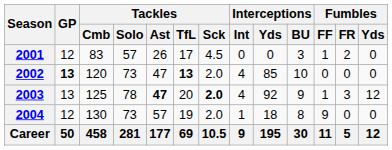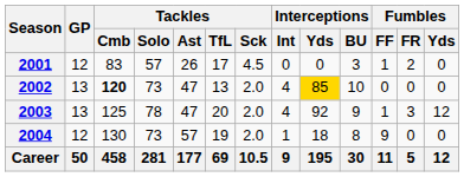 <table class="wikitable" style="text-align:center;">
 <tr>
 <th rowspan="2">Season</th>
 <th rowspan="2">GP</th>
 <th colspan="5">Tackles</th>
 <th colspan="3">Interceptions</th>
 <th colspan="3">Fumbles</th>
 </tr>
 <tr>
 <th>Cmb</th>
 <th>Solo</th>
 <th>Ast</th>
 <th>TfL</th>
 <th>Sck</th>
 <th>Int</th>
 <th>Yds</th>
 <th>BU</th>
 <th>FF</th>
 <th>FR</th>
 <th>Yds</th>
 </tr>
 <tr>
 <th><a href='#'>2001</a></th>
 <td>12</td>
 <td>83</td>
 <td>57</td>
 <td>26</td>
 <td>17</td>
 <td>4.5</td>
 <td>0</td>
 <td>0</td>
 <td>3</td>
 <td>1</td>
 <td>2</td>
 <td>0</td>
 </tr>
 <tr>
 <th><a href='#'>2002</a></th>
-<td><strong>13</strong></td>
-<td>120</td>
+<td>13</td>
+<td><strong>120</strong></td>
 <td>73</td>
 <td>47</td>
-<td><strong>13</strong></td>
+<td>13</td>
 <td>2.0</td>
 <td>4</td>
-<td>85</td>
+<td style="background: gold;">85</td>
 <td>10</td>
 <td>0</td>
 <td>0</td>
 <td>0</td>
 </tr>
 <tr>
 <th><a href='#'>2003</a></th>
 <td>13</td>
 <td>125</td>
 <td>78</td>
-<td><strong>47</strong></td>
+<td>47</td>
 <td>20</td>
-<td><strong>2.0</strong></td>
+<td>2.0</td>
 <td>4</td>
 <td>92</td>
 <td>9</td>
 <td>1</td>
 <td>3</td>
 <td>12</td>
 </tr>
 <tr>
 <th><a href='#'>2004</a></th>
 <td>12</td>
 <td>130</td>
 <td>73</td>
 <td>57</td>
 <td>19</td>
 <td>2.0</td>
 <td>1</td>
 <td>18</td>
 <td>8</td>
 <td>9</td>
 <td>0</td>
 <td>0</td>
 </tr>
 <tr>
 <th>Career</th>
 <th>50</th>
 <th>458</th>
 <th>281</th>
 <th>177</th>
 <th>69</th>
 <th>10.5</th>
 <th>9</th>
 <th>195</th>
 <th>30</th>
 <th>11</th>
 <th>5</th>
 <th>12</th>
 </tr>
 </table>
